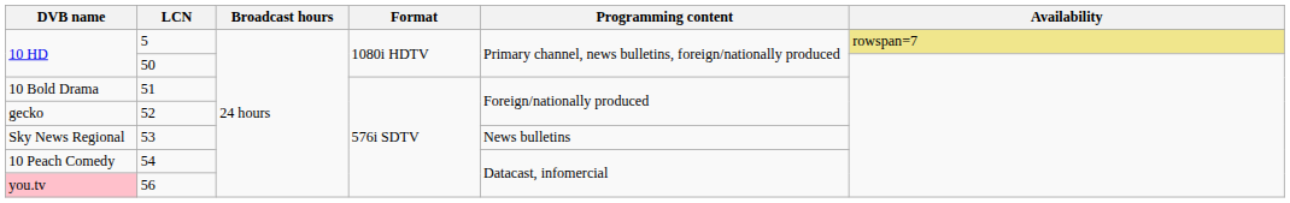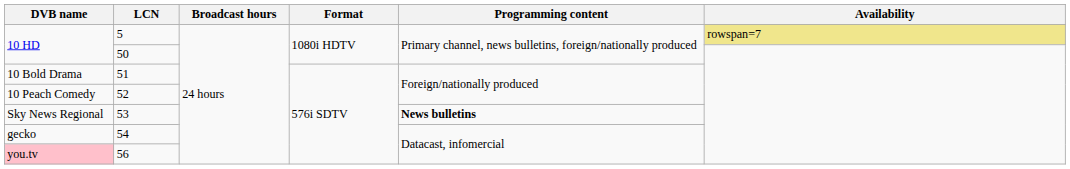 <table class="wikitable" style="font-size:90%; width:100%;">
 <tr>
 <th width="10%">DVB name</th>
 <th width="6%">LCN</th>
 <th width="10%">Broadcast hours</th>
 <th width="10%">Format</th>
 <th width="28%">Programming content</th>
 <th width="33%">Availability</th>
 </tr>
 <tr>
 <td rowspan=2><a href='#'>10 HD</a></td>
 <td>5</td>
 <td rowspan=7>24 hours</td>
 <td rowspan=2>1080i HDTV<br></td>
 <td rowspan=2>Primary channel, news bulletins, foreign/nationally produced </td>
 <td style="background: khaki;">rowspan=7 </td>
 </tr>
 <tr>
 <td>50</td>
 </tr>
 <tr>
 <td>10 Bold Drama</td>
 <td>51</td>
 <td rowspan=5>576i SDTV<br></td>
 <td rowspan=2>Foreign/nationally produced </td>
 </tr>
 <tr>
-<td>gecko</td>
+<td>10 Peach Comedy</td>
 <td>52</td>
 </tr>
 <tr>
 <td>Sky News Regional</td>
 <td>53</td>
-<td>News bulletins</td>
+<td><strong>News bulletins</strong></td>
 </tr>
 <tr>
-<td>10 Peach Comedy</td>
+<td>gecko</td>
 <td>54</td>
 <td rowspan=2>Datacast, infomercial </td>
 </tr>
 <tr>
 <td style="background: pink;">you.tv</td>
 <td>56</td>
 </tr>
 </table>
